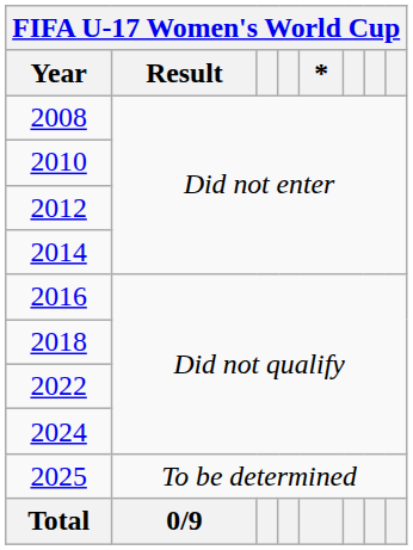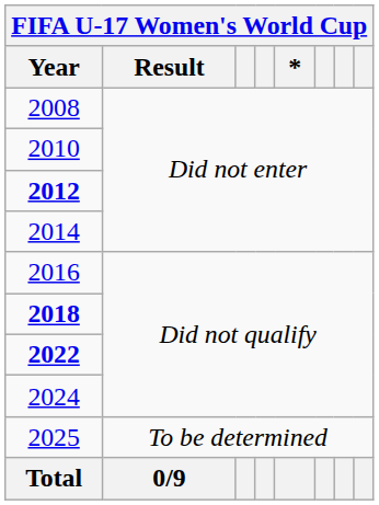 <table class="wikitable" style="text-align: center;">
 <tr>
 <th colspan=9><a href='#'>FIFA U-17 Women's World Cup</a></th>
 </tr>
 <tr>
 <th>Year</th>
 <th>Result</th>
 <th></th>
 <th></th>
 <th> *</th>
 <th></th>
 <th></th>
 <th></th>
 </tr>
 <tr>
 <td> <a href='#'>2008</a></td>
 <td rowspan=4 colspan=8><em>Did not enter</em></td>
 </tr>
 <tr>
 <td> <a href='#'>2010</a></td>
 </tr>
 <tr>
-<td> <a href='#'>2012</a></td>
+<td><strong> <a href='#'>2012</a></strong></td>
 </tr>
 <tr>
 <td> <a href='#'>2014</a></td>
 </tr>
 <tr>
 <td> <a href='#'>2016</a></td>
 <td rowspan=4 colspan=8><em>Did not qualify</em></td>
 </tr>
 <tr>
-<td> <a href='#'>2018</a></td>
+<td><strong> <a href='#'>2018</a></strong></td>
 </tr>
 <tr>
-<td> <a href='#'>2022</a></td>
+<td><strong> <a href='#'>2022</a></strong></td>
 </tr>
 <tr>
 <td> <a href='#'>2024</a></td>
 </tr>
 <tr>
 <td> <a href='#'>2025</a></td>
 <td colspan=8><em>To be determined</em></td>
 </tr>
 <tr>
 <th>Total</th>
 <th>0/9</th>
 <th></th>
 <th></th>
 <th></th>
 <th></th>
 <th></th>
 <th></th>
 </tr>
 </table>
